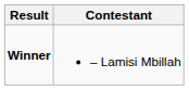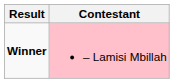 <table class="wikitable sortable" style="font-size:95%;">
 <tr>
 <th>Result</th>
 <th>Contestant</th>
 </tr>
 <tr>
 <td><strong>Winner</strong></td>
-<td><br><ul><li><strong></strong> – Lamisi Mbillah</li></ul></td>
+<td style="background: pink;"><br><ul><li><strong></strong> – Lamisi Mbillah</li></ul></td>
 </tr>
 </table>
